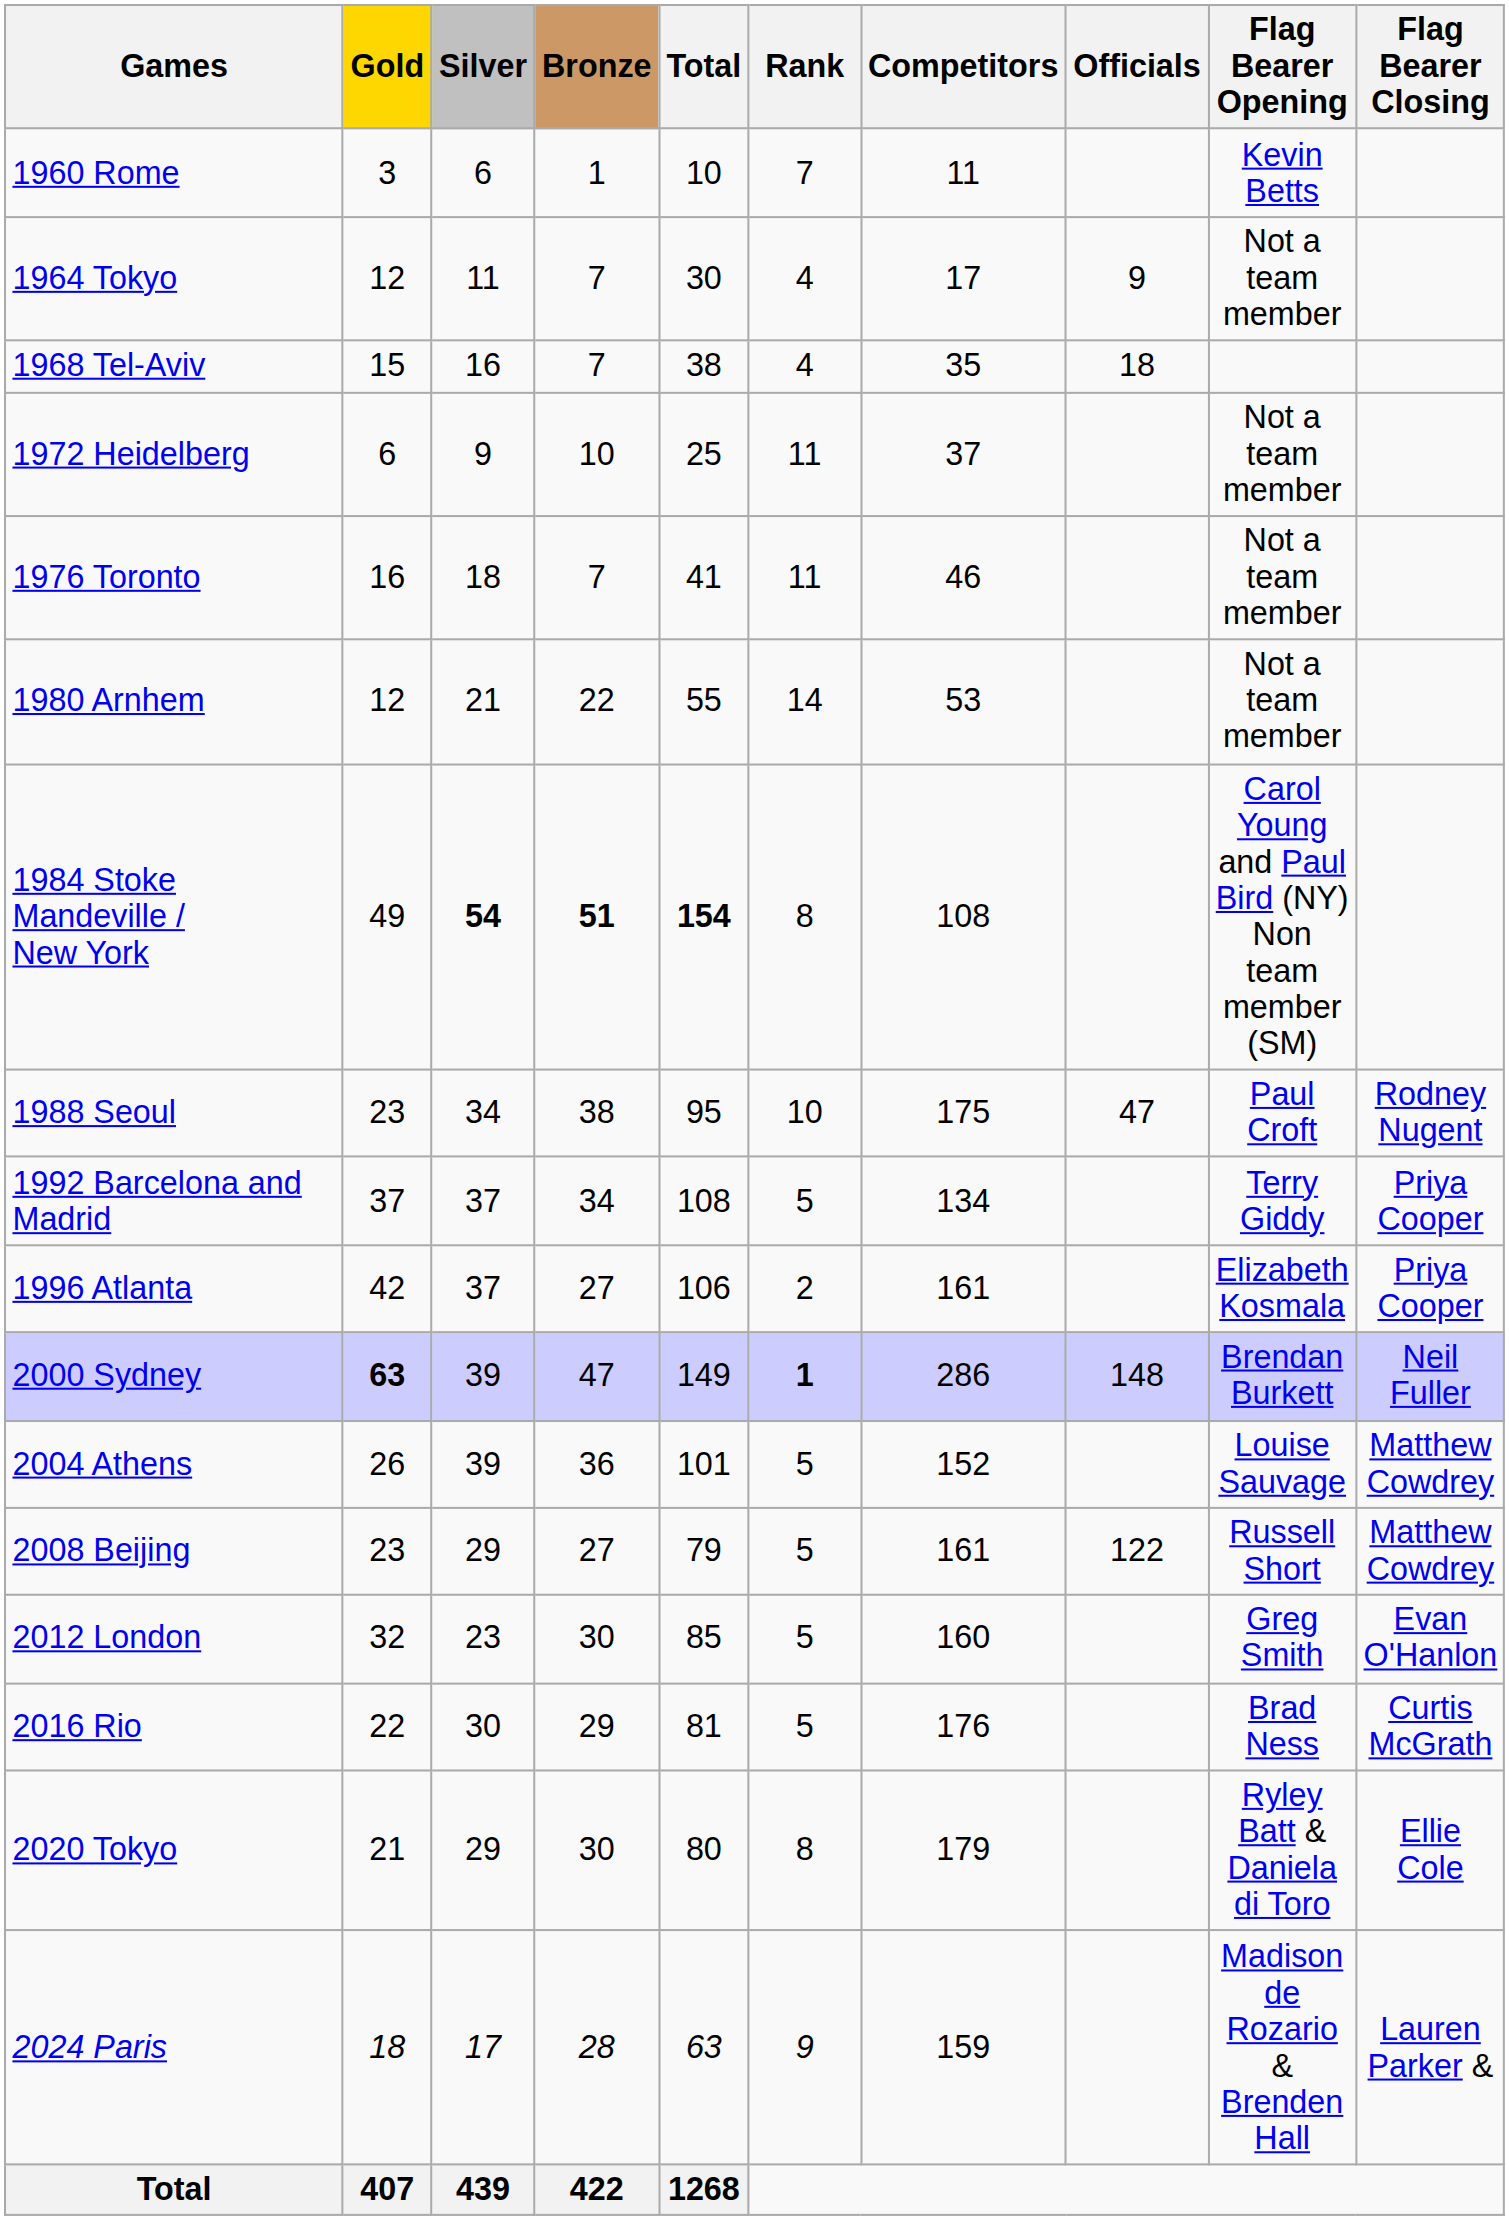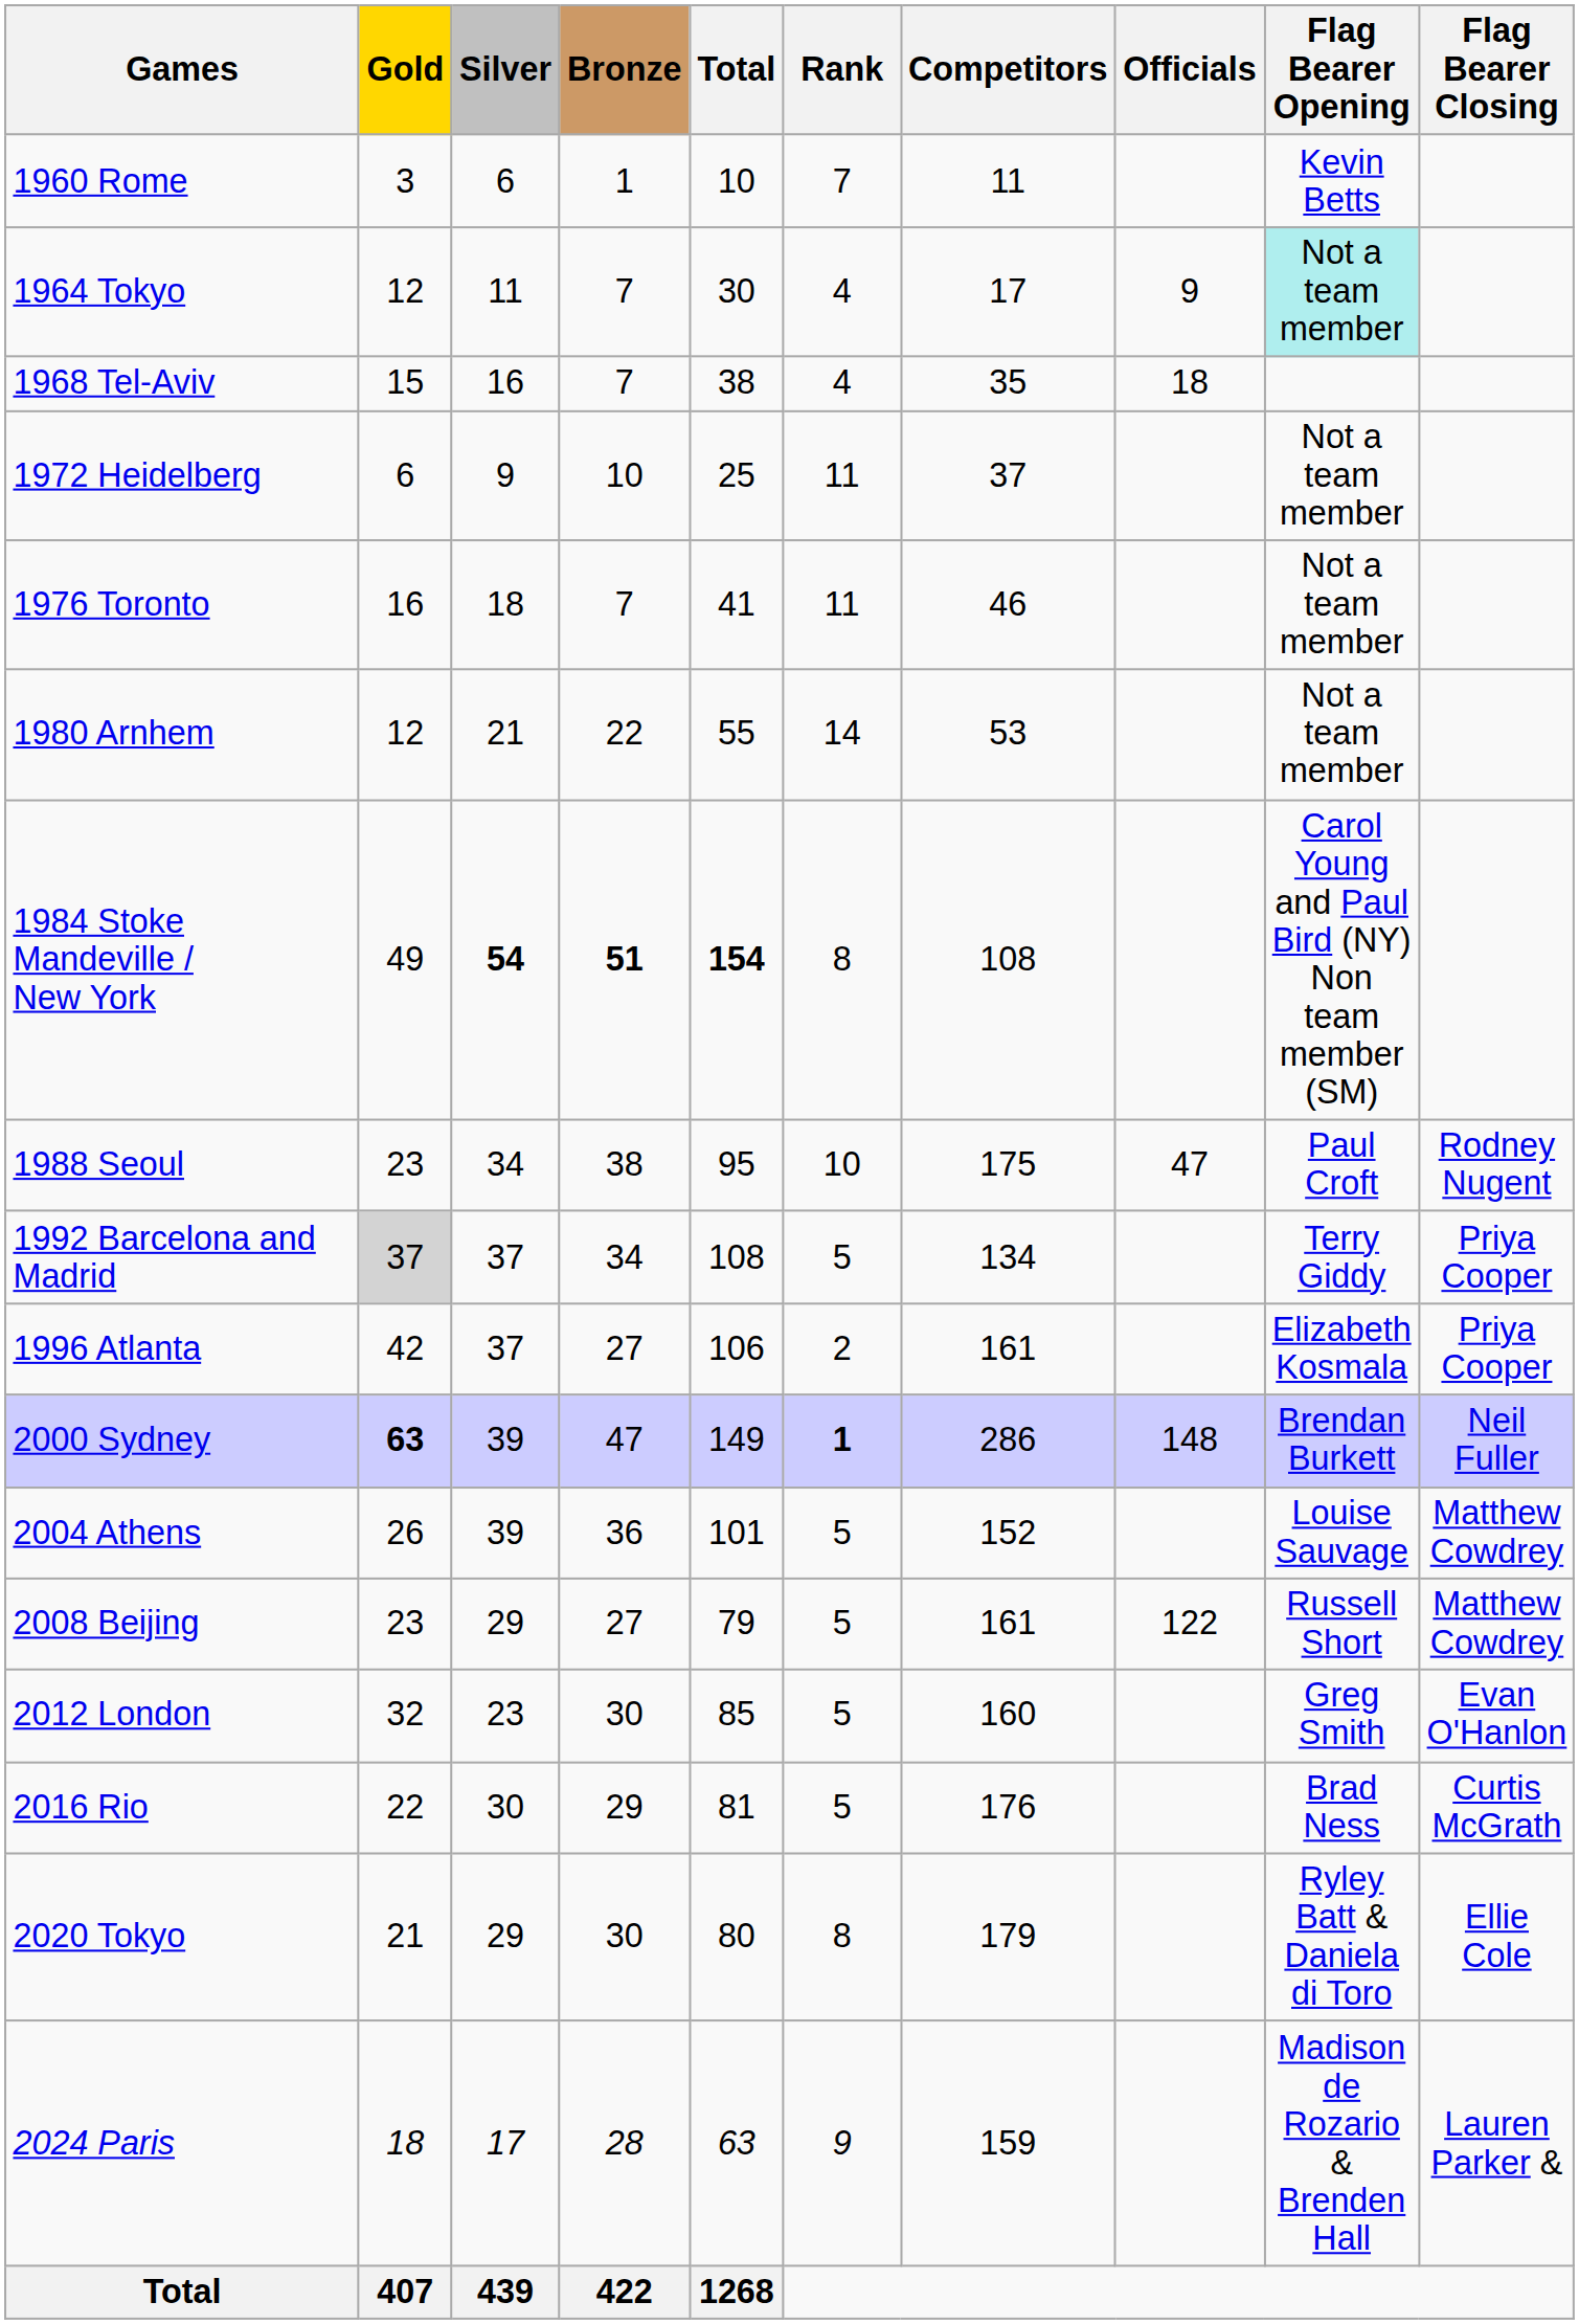 <table class="wikitable sortable plainrowheaders" border="1" style="text-align:center;">
 <tr>
 <th scope="col" style="width:10em;">Games</th>
 <th scope="col" style="background-color:gold; font-weight:bold;">Gold</th>
 <th scope="col" style="background-color:silver; font-weight:bold;">Silver</th>
 <th scope="col" style="background-color:#cc9966; font-weight:bold;">Bronze</th>
 <th scope="col">Total</th>
 <th style="width:3em; font-weight:bold;">Rank</th>
 <th style="width:3em; font-weight:bold;">Competitors</th>
 <th style="width:3em; font-weight:bold;">Officials</th>
 <th style="width:3em; font-weight:bold;">Flag Bearer Opening</th>
 <th style="width:3em; font-weight:bold;">Flag Bearer Closing</th>
 </tr>
 <tr>
 <td align=left><a href='#'>1960 Rome</a></td>
 <td>3</td>
 <td>6</td>
 <td>1</td>
 <td>10</td>
 <td>7</td>
 <td>11</td>
 <td></td>
 <td><a href='#'>Kevin Betts</a></td>
 <td></td>
 </tr>
 <tr>
 <td align=left><a href='#'>1964 Tokyo</a></td>
 <td>12</td>
 <td>11</td>
 <td>7</td>
 <td>30</td>
 <td>4</td>
 <td>17</td>
 <td>9</td>
-<td>Not a team member</td>
+<td style="background: paleturquoise;">Not a team member</td>
 <td></td>
 </tr>
 <tr>
 <td align=left><a href='#'>1968 Tel-Aviv</a></td>
 <td>15</td>
 <td>16</td>
 <td>7</td>
 <td>38</td>
 <td>4</td>
 <td>35</td>
 <td>18</td>
 <td></td>
 <td></td>
 </tr>
 <tr>
 <td align=left><a href='#'>1972 Heidelberg</a></td>
 <td>6</td>
 <td>9</td>
 <td>10</td>
 <td>25</td>
 <td>11</td>
 <td>37</td>
 <td></td>
 <td>Not a team member</td>
 <td></td>
 </tr>
 <tr>
 <td align=left><a href='#'>1976 Toronto</a></td>
 <td>16</td>
 <td>18</td>
 <td>7</td>
 <td>41</td>
 <td>11</td>
 <td>46</td>
 <td></td>
 <td>Not a team member</td>
 <td></td>
 </tr>
 <tr>
 <td align=left><a href='#'>1980 Arnhem</a></td>
 <td>12</td>
 <td>21</td>
 <td>22</td>
 <td>55</td>
 <td>14</td>
 <td>53</td>
 <td></td>
 <td>Not a team member</td>
 <td></td>
 </tr>
 <tr>
 <td align=left><a href='#'>1984 Stoke Mandeville / <br> New York</a></td>
 <td>49</td>
 <td><strong>54</strong></td>
 <td><strong>51</strong></td>
 <td><strong>154</strong></td>
 <td>8</td>
 <td>108</td>
 <td></td>
 <td><a href='#'>Carol Young</a> and <a href='#'>Paul Bird</a> (NY)<br>Non team member (SM)</td>
 <td></td>
 </tr>
 <tr>
 <td align=left><a href='#'>1988 Seoul</a></td>
 <td>23</td>
 <td>34</td>
 <td>38</td>
 <td>95</td>
 <td>10</td>
 <td>175</td>
 <td>47</td>
 <td><a href='#'>Paul Croft</a></td>
 <td><a href='#'>Rodney Nugent</a></td>
 </tr>
 <tr>
 <td align=left><a href='#'>1992 Barcelona and Madrid</a></td>
-<td>37</td>
+<td style="background: lightgrey;">37</td>
 <td>37</td>
 <td>34</td>
 <td>108</td>
 <td>5</td>
 <td>134</td>
 <td></td>
 <td><a href='#'>Terry Giddy</a></td>
 <td><a href='#'>Priya Cooper</a></td>
 </tr>
 <tr>
 <td align=left><a href='#'>1996 Atlanta</a></td>
 <td>42</td>
 <td>37</td>
 <td>27</td>
 <td>106</td>
 <td>2</td>
 <td>161</td>
 <td></td>
 <td><a href='#'>Elizabeth Kosmala</a></td>
 <td><a href='#'>Priya Cooper</a></td>
 </tr>
 <tr bgcolor=ccccff>
 <td align=left><a href='#'>2000 Sydney</a></td>
 <td><strong>63 </strong></td>
 <td>39</td>
 <td>47</td>
 <td>149</td>
 <td><strong>1</strong></td>
 <td>286</td>
 <td>148</td>
 <td><a href='#'>Brendan Burkett</a></td>
 <td><a href='#'>Neil Fuller</a></td>
 </tr>
 <tr>
 <td align=left><a href='#'>2004 Athens</a></td>
 <td>26</td>
 <td>39</td>
 <td>36</td>
 <td>101</td>
 <td>5</td>
 <td>152</td>
 <td></td>
 <td><a href='#'>Louise Sauvage</a></td>
 <td><a href='#'>Matthew Cowdrey</a></td>
 </tr>
 <tr>
 <td align=left><a href='#'>2008 Beijing</a></td>
 <td>23</td>
 <td>29</td>
 <td>27</td>
 <td>79</td>
 <td>5</td>
 <td>161</td>
 <td>122</td>
 <td><a href='#'>Russell Short</a></td>
 <td><a href='#'>Matthew Cowdrey</a></td>
 </tr>
 <tr>
 <td align=left><a href='#'>2012 London</a></td>
 <td>32</td>
 <td>23</td>
 <td>30</td>
 <td>85</td>
 <td>5</td>
 <td>160</td>
 <td></td>
 <td><a href='#'>Greg Smith</a></td>
 <td><a href='#'>Evan O'Hanlon</a></td>
 </tr>
 <tr>
 <td align=left><a href='#'>2016 Rio</a></td>
 <td>22</td>
 <td>30</td>
 <td>29</td>
 <td>81</td>
 <td>5</td>
 <td>176</td>
 <td></td>
 <td><a href='#'>Brad Ness</a></td>
 <td><a href='#'>Curtis McGrath</a></td>
 </tr>
 <tr>
 <td align=left><a href='#'>2020 Tokyo</a></td>
 <td>21</td>
 <td>29</td>
 <td>30</td>
 <td>80</td>
 <td>8</td>
 <td>179</td>
 <td></td>
 <td><a href='#'>Ryley Batt</a> & <br><a href='#'>Daniela di Toro</a></td>
 <td><a href='#'>Ellie Cole</a></td>
 </tr>
 <tr>
 <td align=left><em><a href='#'>2024 Paris</a></em></td>
 <td><em>18</em></td>
 <td><em>17</em></td>
 <td><em>28</em></td>
 <td><em>63</em></td>
 <td><em>9</em></td>
 <td>159</td>
 <td></td>
 <td><a href='#'>Madison de Rozario</a> & <a href='#'>Brenden Hall</a></td>
 <td><a href='#'>Lauren Parker</a> & </td>
 </tr>
 <tr class="sortbottom" align=center>
 <th>Total</th>
 <th>407</th>
 <th>439</th>
 <th>422</th>
 <th>1268</th>
 </tr>
 </table>
